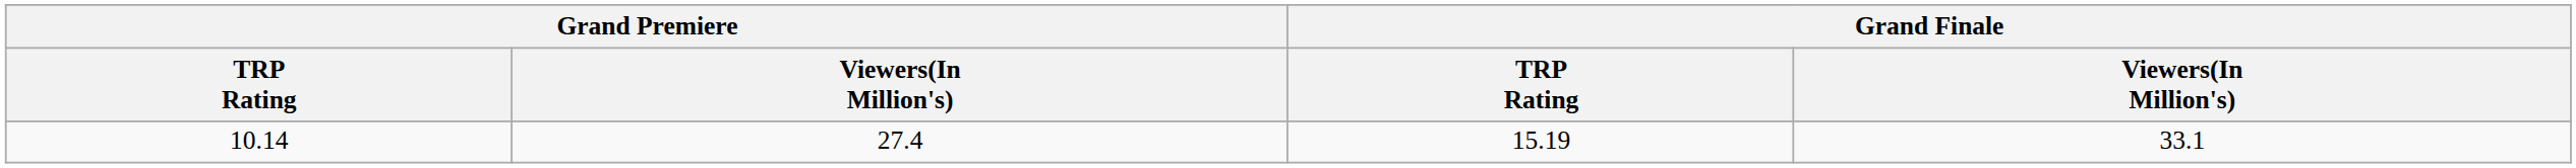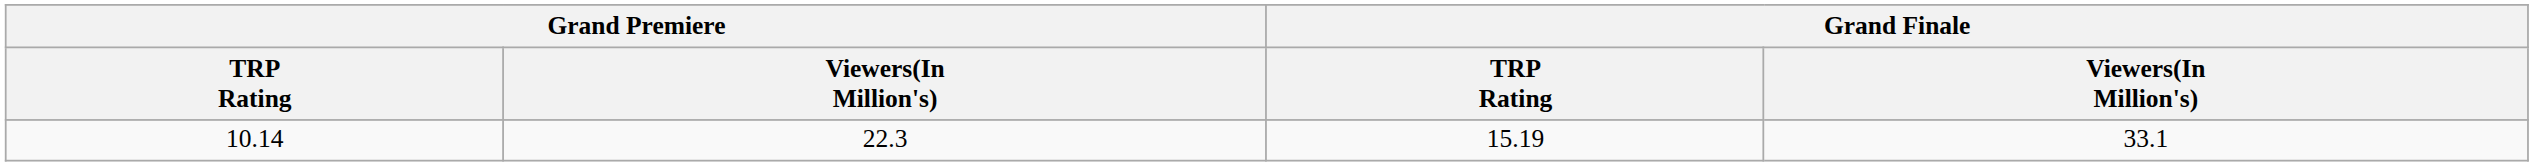 <table class="wikitable" style="font-size:90%; text-align:center; width: 90%; margin-left: auto; margin-right: auto;style=width:50em ">
 <tr>
 <th colspan="2">Grand Premiere</th>
 <th colspan="2">Grand Finale</th>
 </tr>
 <tr>
 <th>TRP<br>Rating</th>
 <th>Viewers(In<br>Million's)</th>
 <th>TRP<br>Rating</th>
 <th>Viewers(In<br>Million's)</th>
 </tr>
 <tr>
 <td>10.14</td>
-<td>27.4</td>
+<td>22.3</td>
 <td>15.19</td>
 <td>33.1</td>
 </tr>
 </table>
